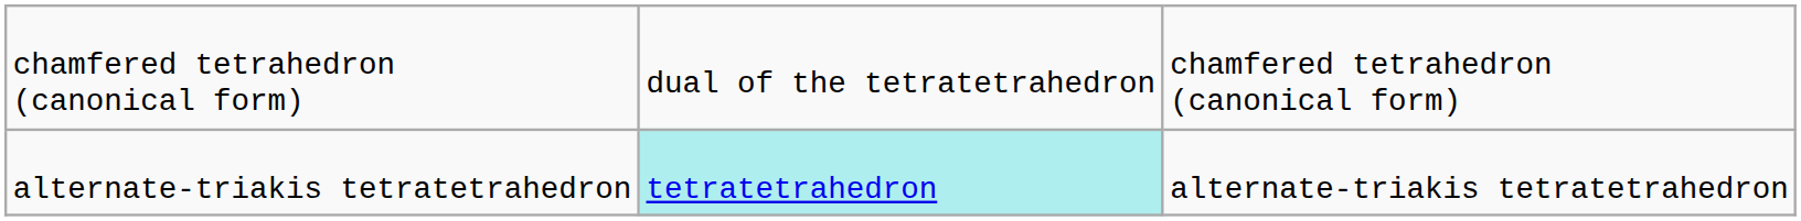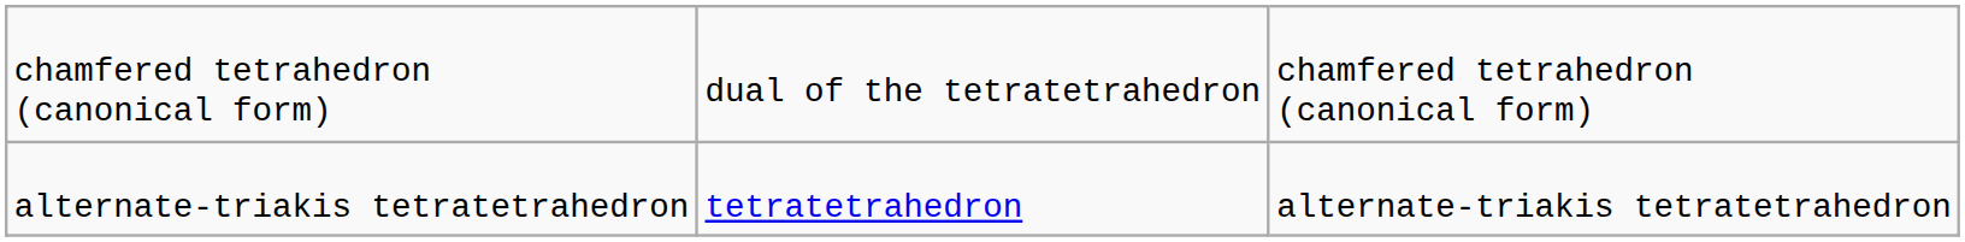 <table class="wikitable center" style="font-size:90%;">
 <tr>
 <td><br>chamfered tetrahedron<br>(canonical form)</td>
 <td><br>dual of the tetratetrahedron</td>
 <td><br>chamfered tetrahedron<br>(canonical form)</td>
 </tr>
 <tr>
 <td><br>alternate-triakis tetratetrahedron</td>
-<td style="background: paleturquoise;"><br><a href='#'>tetratetrahedron</a></td>
+<td><br><a href='#'>tetratetrahedron</a></td>
 <td><br>alternate-triakis tetratetrahedron</td>
 </tr>
 </table>
